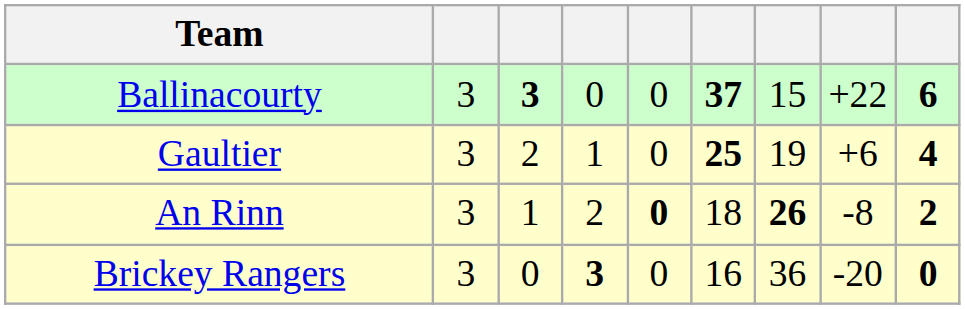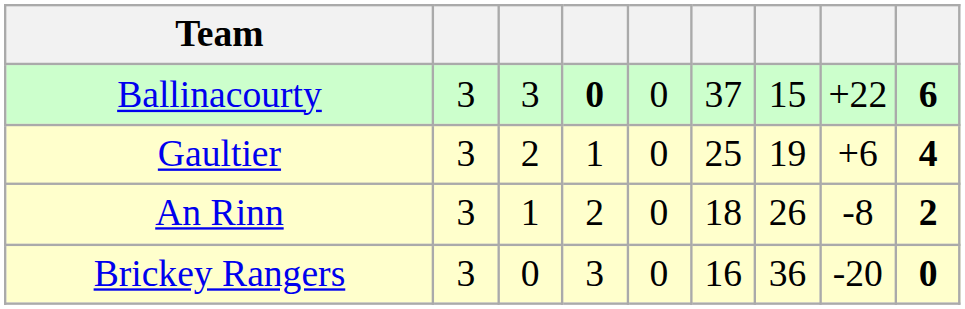 <table class="wikitable" style="text-align:center">
 <tr>
 <th style="width:175px;">Team</th>
 <th width="20"></th>
 <th width="20"></th>
 <th width="20"></th>
 <th width="20"></th>
 <th width="20"></th>
 <th width="20"></th>
 <th width="20"></th>
 <th width="20"></th>
 </tr>
 <tr style="background:#cfc;">
 <td><a href='#'>Ballinacourty</a></td>
 <td>3</td>
-<td><strong>3</strong></td>
+<td>3</td>
+<td><strong>0</strong></td>
 <td>0</td>
-<td>0</td>
-<td><strong>37</strong></td>
+<td>37</td>
 <td>15</td>
 <td>+22</td>
 <td><strong>6</strong></td>
 </tr>
 <tr style="background:#ffffcc;">
 <td><a href='#'>Gaultier</a></td>
 <td>3</td>
 <td>2</td>
 <td>1</td>
 <td>0</td>
-<td><strong>25</strong></td>
+<td>25</td>
 <td>19</td>
 <td>+6</td>
 <td><strong>4</strong></td>
 </tr>
 <tr style="background:#ffffcc;">
 <td><a href='#'>An Rinn</a></td>
 <td>3</td>
 <td>1</td>
 <td>2</td>
-<td><strong>0</strong></td>
+<td>0</td>
 <td>18</td>
-<td><strong>26</strong></td>
+<td>26</td>
 <td>-8</td>
 <td><strong>2</strong></td>
 </tr>
 <tr style="background:#ffffcc;">
 <td><a href='#'>Brickey Rangers</a></td>
 <td>3</td>
 <td>0</td>
-<td><strong>3</strong></td>
+<td>3</td>
 <td>0</td>
 <td>16</td>
 <td>36</td>
 <td>-20</td>
 <td><strong>0</strong></td>
 </tr>
 </table>
